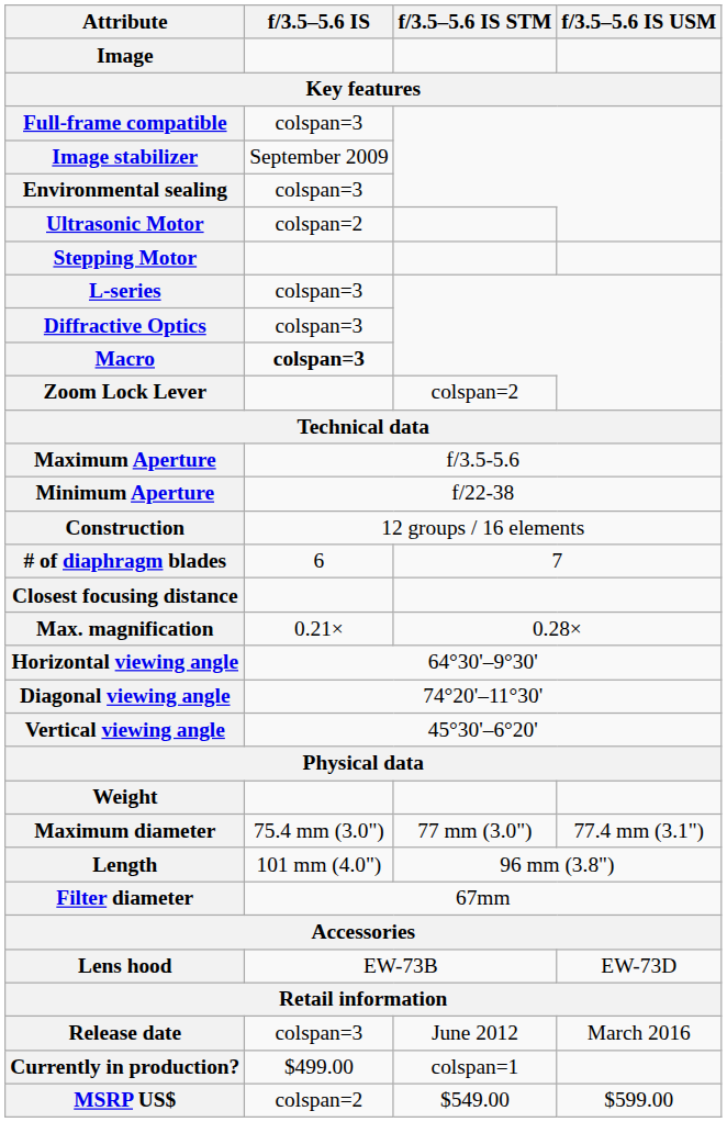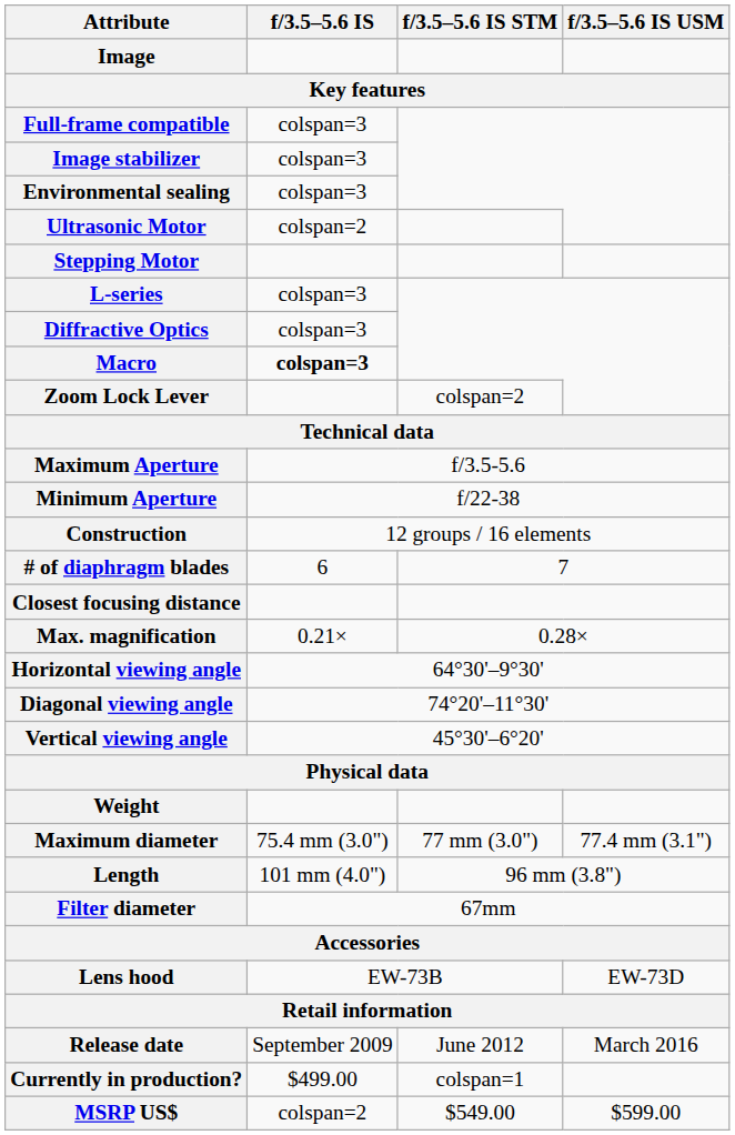 <table class="wikitable" style="margin: 1em auto; text-align:center;">
 <tr>
 <th>Attribute</th>
 <th>f/3.5–5.6 IS</th>
 <th>f/3.5–5.6 IS STM</th>
 <th>f/3.5–5.6 IS USM</th>
 </tr>
 <tr>
 <th>Image</th>
 <td></td>
 <td></td>
 <td></td>
 </tr>
 <tr>
 <th colspan=4>Key features</th>
 </tr>
 <tr>
 <th><a href='#'>Full-frame compatible</a></th>
 <td>colspan=3 </td>
 </tr>
 <tr>
 <th><a href='#'>Image stabilizer</a></th>
-<td>September 2009</td>
+<td>colspan=3 </td>
 </tr>
 <tr>
 <th>Environmental sealing</th>
 <td>colspan=3 </td>
 </tr>
 <tr>
 <th><a href='#'>Ultrasonic Motor</a></th>
 <td>colspan=2 </td>
 <td></td>
 </tr>
 <tr>
 <th><a href='#'>Stepping Motor</a></th>
 <td></td>
 <td></td>
 <td></td>
 </tr>
 <tr>
 <th><a href='#'>L-series</a></th>
 <td>colspan=3 </td>
 </tr>
 <tr>
 <th><a href='#'>Diffractive Optics</a></th>
 <td>colspan=3 </td>
 </tr>
 <tr>
 <th><a href='#'>Macro</a></th>
 <td><strong>colspan=3 </strong></td>
 </tr>
 <tr>
 <th>Zoom Lock Lever</th>
 <td></td>
 <td>colspan=2 </td>
 </tr>
 <tr>
 <th colspan=4>Technical data</th>
 </tr>
 <tr>
 <th>Maximum <a href='#'>Aperture</a></th>
 <td colspan=3>f/3.5-5.6</td>
 </tr>
 <tr>
 <th>Minimum <a href='#'>Aperture</a></th>
 <td colspan=3>f/22-38</td>
 </tr>
 <tr>
 <th>Construction</th>
 <td colspan=4>12 groups / 16 elements</td>
 </tr>
 <tr>
 <th># of <a href='#'>diaphragm</a> blades</th>
 <td>6</td>
 <td colspan=2>7</td>
 </tr>
 <tr>
 <th>Closest focusing distance</th>
 <td></td>
 <td colspan=2></td>
 </tr>
 <tr>
 <th>Max. magnification</th>
 <td>0.21×</td>
 <td colspan=2>0.28×</td>
 </tr>
 <tr>
 <th>Horizontal <a href='#'>viewing angle</a></th>
 <td colspan=3>64°30'–9°30'</td>
 </tr>
 <tr>
 <th>Diagonal <a href='#'>viewing angle</a></th>
 <td colspan=3>74°20'–11°30'</td>
 </tr>
 <tr>
 <th>Vertical <a href='#'>viewing angle</a></th>
 <td colspan=3>45°30'–6°20'</td>
 </tr>
 <tr>
 <th colspan=4>Physical data</th>
 </tr>
 <tr>
 <th>Weight</th>
 <td></td>
 <td></td>
 <td></td>
 </tr>
 <tr>
 <th>Maximum diameter</th>
 <td>75.4 mm (3.0")</td>
 <td>77 mm (3.0")</td>
 <td>77.4 mm (3.1")</td>
 </tr>
 <tr>
 <th>Length</th>
 <td>101 mm (4.0")</td>
 <td colspan=2>96 mm (3.8")</td>
 </tr>
 <tr>
 <th><a href='#'>Filter</a> diameter</th>
 <td colspan=3>67mm</td>
 </tr>
 <tr>
 <th colspan=4>Accessories</th>
 </tr>
 <tr>
 <th>Lens hood</th>
 <td colspan=2>EW-73B</td>
 <td colspan=1>EW-73D</td>
 </tr>
 <tr>
 <th colspan=4>Retail information</th>
 </tr>
 <tr>
 <th>Release date</th>
-<td>colspan=3 </td>
+<td>September 2009</td>
 <td>June 2012</td>
 <td>March 2016</td>
 </tr>
 <tr>
 <th>Currently in production?</th>
 <td>$499.00</td>
 <td>colspan=1 </td>
 </tr>
 <tr>
 <th><a href='#'>MSRP</a> US$</th>
 <td>colspan=2 </td>
 <td>$549.00</td>
 <td>$599.00</td>
 </tr>
 </table>
